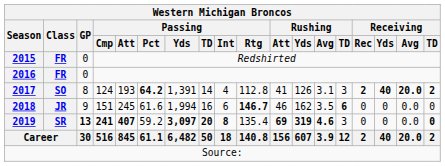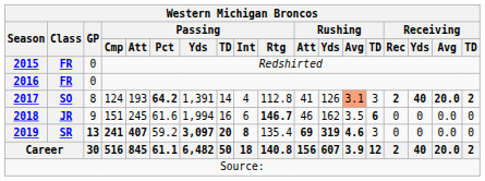 <table class="wikitable" style="text-align: center;">
 <tr>
 <th colspan="18">Western Michigan Broncos</th>
 </tr>
 <tr>
 <th rowspan="2">Season</th>
 <th rowspan="2">Class</th>
 <th rowspan="2">GP</th>
 <th colspan="7">Passing</th>
 <th colspan="4">Rushing</th>
 <th colspan="4">Receiving</th>
 </tr>
 <tr>
 <th>Cmp</th>
 <th>Att</th>
 <th>Pct</th>
 <th>Yds</th>
 <th>TD</th>
 <th>Int</th>
 <th>Rtg</th>
 <th>Att</th>
 <th>Yds</th>
 <th>Avg</th>
 <th>TD</th>
 <th>Rec</th>
 <th>Yds</th>
 <th>Avg</th>
 <th>TD</th>
 </tr>
 <tr>
 <th><a href='#'>2015</a></th>
 <th><a href='#'>FR</a></th>
 <td>0</td>
 <td colspan="15"> <em>Redshirted</em></td>
 </tr>
 <tr>
 <th><a href='#'>2016</a></th>
 <th><a href='#'>FR</a></th>
 <td>0</td>
 <td colspan="15"></td>
 </tr>
 <tr>
 <th><a href='#'>2017</a></th>
 <th><a href='#'>SO</a></th>
 <td>8</td>
 <td>124</td>
 <td>193</td>
 <td><strong>64.2</strong></td>
 <td>1,391</td>
 <td>14</td>
 <td>4</td>
 <td>112.8</td>
 <td>41</td>
 <td>126</td>
-<td>3.1</td>
+<td style="background: lightsalmon;">3.1</td>
 <td>3</td>
 <td><strong>2</strong></td>
 <td><strong>40</strong></td>
 <td><strong>20.0</strong></td>
 <td><strong>2</strong></td>
 </tr>
 <tr>
 <th><a href='#'>2018</a></th>
 <th><a href='#'>JR</a></th>
 <td>9</td>
 <td>151</td>
 <td>245</td>
 <td>61.6</td>
 <td>1,994</td>
 <td>16</td>
 <td>6</td>
 <td><strong>146.7</strong></td>
 <td>46</td>
 <td>162</td>
 <td>3.5</td>
 <td><strong>6</strong></td>
 <td>0</td>
 <td>0</td>
 <td>0.0</td>
 <td>0</td>
 </tr>
 <tr>
 <th><a href='#'>2019</a></th>
 <th><a href='#'>SR</a></th>
 <td><strong>13</strong></td>
 <td><strong>241</strong></td>
 <td><strong>407</strong></td>
 <td>59.2</td>
 <td><strong>3,097</strong></td>
 <td><strong>20</strong></td>
 <td><strong>8</strong></td>
 <td>135.4</td>
 <td><strong>69</strong></td>
 <td><strong>319</strong></td>
 <td><strong>4.6</strong></td>
 <td>3</td>
 <td>0</td>
 <td>0</td>
 <td>0.0</td>
-<td><strong>0</strong></td>
+<td>0</td>
 </tr>
 <tr>
 <th colspan="2">Career</th>
 <th>30</th>
 <th>516</th>
 <th>845</th>
 <th>61.1</th>
 <th>6,482</th>
 <th>50</th>
 <th>18</th>
 <th>140.8</th>
 <th>156</th>
 <th>607</th>
 <th>3.9</th>
 <th>12</th>
 <th>2</th>
 <th>40</th>
 <th>20.0</th>
 <th>2</th>
 </tr>
 <tr>
 <td colspan="18">Source:</td>
 </tr>
 </table>
